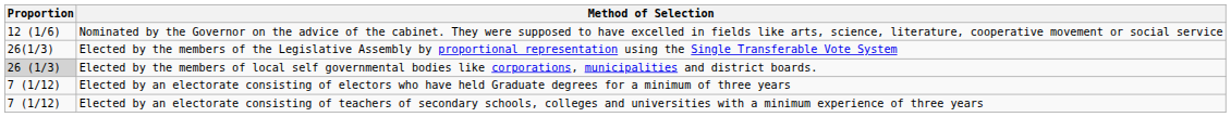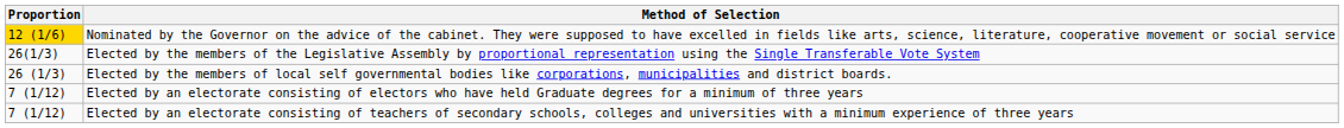 <table class="wikitable">
 <tr>
 <th>Proportion</th>
 <th>Method of Selection</th>
 </tr>
 <tr>
-<td>12 (1/6)</td>
+<td style="background: gold;">12 (1/6)</td>
 <td>Nominated by the Governor on the advice of the cabinet. They were supposed to have excelled in fields like arts, science, literature, cooperative movement or social service</td>
 </tr>
 <tr>
 <td>26(1/3)</td>
 <td>Elected by the members of the Legislative Assembly by <a href='#'>proportional representation</a> using the <a href='#'>Single Transferable Vote System</a></td>
 </tr>
 <tr>
-<td style="background: lightgrey;">26 (1/3)</td>
+<td>26 (1/3)</td>
 <td>Elected by the members of local self governmental bodies like <a href='#'>corporations</a>, <a href='#'>municipalities</a> and district boards.</td>
 </tr>
 <tr>
 <td>7 (1/12)</td>
 <td>Elected by an electorate consisting of electors who have held Graduate degrees for a minimum of three years</td>
 </tr>
 <tr>
 <td>7 (1/12)</td>
 <td>Elected by an electorate consisting of teachers of secondary schools, colleges and universities with a minimum experience of three years</td>
 </tr>
 </table>
